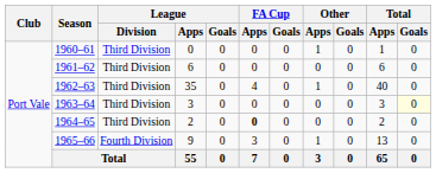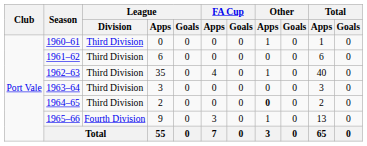 <table class="wikitable" style="text-align:center">
 <tr>
 <th rowspan="2">Club</th>
 <th rowspan="2">Season</th>
 <th colspan="3">League</th>
 <th colspan="2"><a href='#'>FA Cup</a></th>
 <th colspan="2">Other</th>
 <th colspan="2">Total</th>
 </tr>
 <tr>
 <th>Division</th>
 <th>Apps</th>
 <th>Goals</th>
 <th>Apps</th>
 <th>Goals</th>
 <th>Apps</th>
 <th>Goals</th>
 <th>Apps</th>
 <th>Goals</th>
 </tr>
 <tr>
 <td rowspan="7"><a href='#'>Port Vale</a></td>
 <td><a href='#'>1960–61</a></td>
 <td><a href='#'>Third Division</a></td>
 <td>0</td>
 <td>0</td>
 <td>0</td>
 <td>0</td>
 <td>1</td>
 <td>0</td>
 <td>1</td>
 <td>0</td>
 </tr>
 <tr>
 <td><a href='#'>1961–62</a></td>
 <td>Third Division</td>
 <td>6</td>
 <td>0</td>
 <td>0</td>
 <td>0</td>
 <td>0</td>
 <td>0</td>
 <td>6</td>
 <td>0</td>
 </tr>
 <tr>
 <td><a href='#'>1962–63</a></td>
 <td>Third Division</td>
 <td>35</td>
 <td>0</td>
 <td>4</td>
 <td>0</td>
 <td>1</td>
 <td>0</td>
 <td>40</td>
 <td>0</td>
 </tr>
 <tr>
 <td><a href='#'>1963–64</a></td>
 <td>Third Division</td>
 <td>3</td>
 <td>0</td>
 <td>0</td>
 <td>0</td>
 <td>0</td>
 <td>0</td>
 <td>3</td>
-<td style="background: lightyellow;">0</td>
+<td>0</td>
 </tr>
 <tr>
 <td><a href='#'>1964–65</a></td>
 <td>Third Division</td>
 <td>2</td>
 <td>0</td>
-<td><strong>0</strong></td>
 <td>0</td>
 <td>0</td>
+<td><strong>0</strong></td>
 <td>0</td>
 <td>2</td>
 <td>0</td>
 </tr>
 <tr>
 <td><a href='#'>1965–66</a></td>
 <td><a href='#'>Fourth Division</a></td>
 <td>9</td>
 <td>0</td>
 <td>3</td>
 <td>0</td>
 <td>1</td>
 <td>0</td>
 <td>13</td>
 <td>0</td>
 </tr>
 <tr>
 <th colspan="2">Total</th>
 <th>55</th>
 <th>0</th>
 <th>7</th>
 <th>0</th>
 <th>3</th>
 <th>0</th>
 <th>65</th>
 <th>0</th>
 </tr>
 </table>
